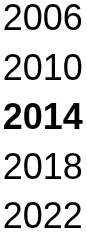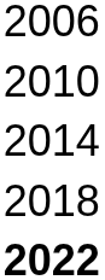 <table>
 <tr>
 <td>2006<br></td>
 <td></td>
 <td></td>
 <td></td>
 </tr>
 <tr>
 <td>2010<br></td>
 <td></td>
 <td></td>
 <td></td>
 </tr>
 <tr>
-<td><strong>2014<br></strong></td>
+<td>2014<br></td>
 <td></td>
 <td></td>
 <td></td>
 </tr>
 <tr>
 <td>2018<br></td>
 <td></td>
 <td></td>
 <td></td>
 </tr>
 <tr>
-<td>2022<br></td>
+<td><strong>2022<br></strong></td>
 <td></td>
 <td></td>
 <td></td>
 </tr>
 </table>
